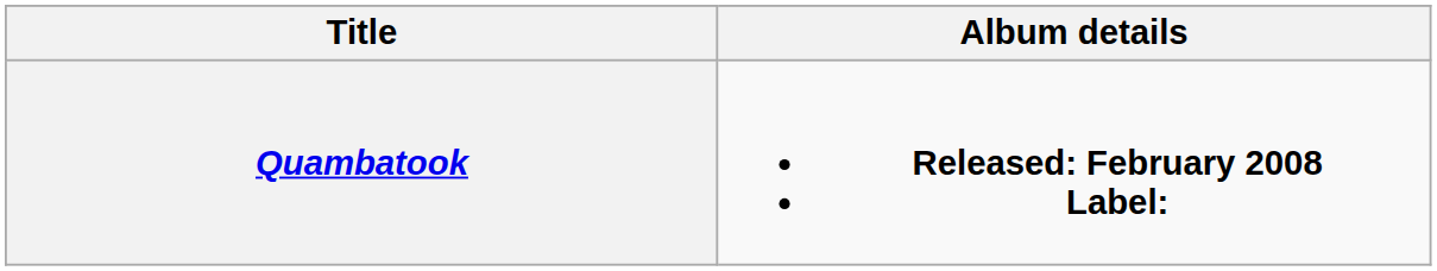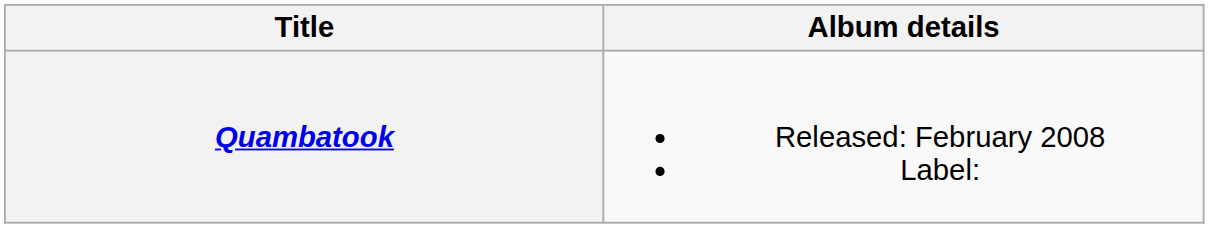 <table class="wikitable plainrowheaders" style="text-align:center;">
 <tr>
 <th scope="col" style="width:20em;">Title</th>
 <th scope="col" style="width:20em;">Album details</th>
 </tr>
 <tr>
 <th scope="row"><em><a href='#'>Quambatook</a></em></th>
-<td><strong><br><ul><li>Released: February 2008</li><li>Label:</li></ul></strong></td>
+<td><br><ul><li>Released: February 2008</li><li>Label:</li></ul></td>
 </tr>
 </table>
